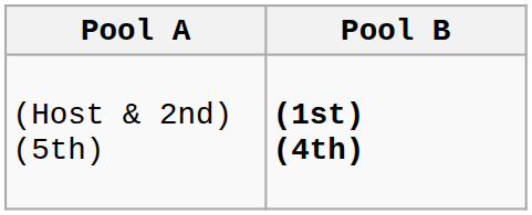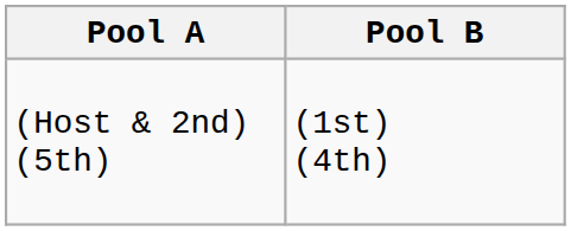 <table class="wikitable">
 <tr>
 <th width=45%>Pool A</th>
 <th width=45%>Pool B</th>
 </tr>
 <tr>
 <td><br> (Host & 2nd)<br>  (5th)<br> <br> </td>
-<td><strong><br> (1st)<br>  (4th)<br> <br> </strong></td>
+<td><br> (1st)<br>  (4th)<br> <br> </td>
 </tr>
 </table>
